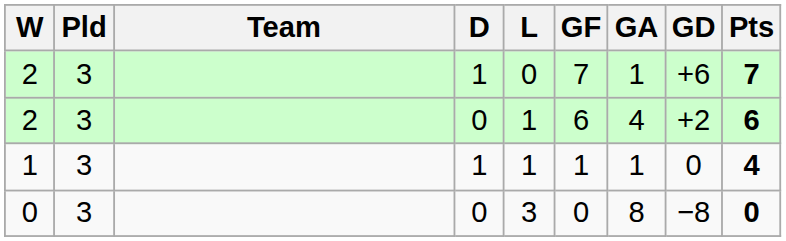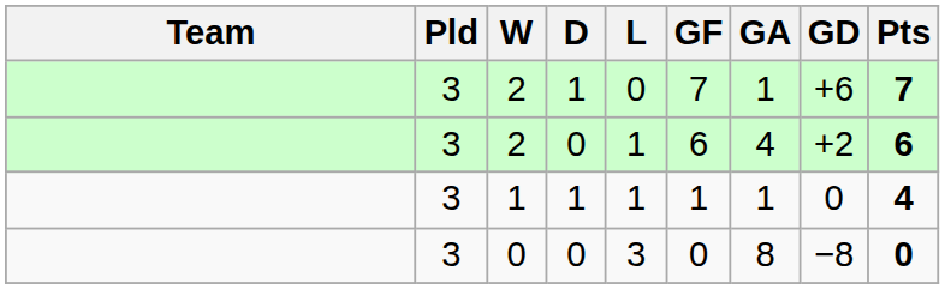 <table class="wikitable" style="text-align:center;">
 <tr>
+<th width=180>Team</th>
+<th width=20>Pld</th>
 <th width=20>W</th>
-<th width=20>Pld</th>
-<th width=180>Team</th>
 <th width=20>D</th>
 <th width=20>L</th>
 <th width=20>GF</th>
 <th width=20>GA</th>
 <th width=20>GD</th>
 <th width=20>Pts</th>
 </tr>
 <tr bgcolor="ccffcc">
+<td align="left"></td>
+<td>3</td>
 <td>2</td>
-<td>3</td>
-<td align="left"></td>
 <td>1</td>
 <td>0</td>
 <td>7</td>
 <td>1</td>
 <td>+6</td>
 <td><strong>7</strong></td>
 </tr>
 <tr bgcolor="ccffcc">
+<td align="left"></td>
+<td>3</td>
 <td>2</td>
-<td>3</td>
-<td align="left"></td>
 <td>0</td>
 <td>1</td>
 <td>6</td>
 <td>4</td>
 <td>+2</td>
 <td><strong>6</strong></td>
 </tr>
 <tr>
+<td align="left"></td>
+<td>3</td>
 <td>1</td>
-<td>3</td>
-<td align="left"></td>
 <td>1</td>
 <td>1</td>
 <td>1</td>
 <td>1</td>
 <td>0</td>
 <td><strong>4</strong></td>
 </tr>
 <tr>
+<td align="left"></td>
+<td>3</td>
 <td>0</td>
-<td>3</td>
-<td align="left"></td>
 <td>0</td>
 <td>3</td>
 <td>0</td>
 <td>8</td>
 <td>−8</td>
 <td><strong>0</strong></td>
 </tr>
 </table>
